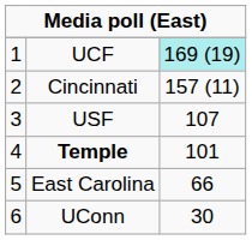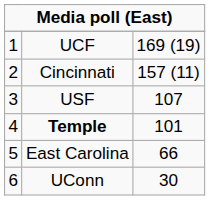 <table class="wikitable">
 <tr align="center">
 <td align="center" Colspan="3"><strong>Media poll (East)</strong></td>
 </tr>
 <tr align="center">
 </tr>
 <tr align="center">
 <td>1</td>
 <td>UCF</td>
-<td style="background: paleturquoise;">169 (19)</td>
+<td>169 (19)</td>
 </tr>
 <tr align="center">
 <td>2</td>
 <td>Cincinnati</td>
 <td>157 (11)</td>
 </tr>
 <tr align="center">
 <td>3</td>
 <td>USF</td>
 <td>107</td>
 </tr>
 <tr align="center">
 <td>4</td>
 <td><strong>Temple</strong></td>
 <td>101</td>
 </tr>
 <tr align="center">
 <td>5</td>
 <td>East Carolina</td>
 <td>66</td>
 </tr>
 <tr align="center">
 <td>6</td>
 <td>UConn</td>
 <td>30</td>
 </tr>
 </table>
